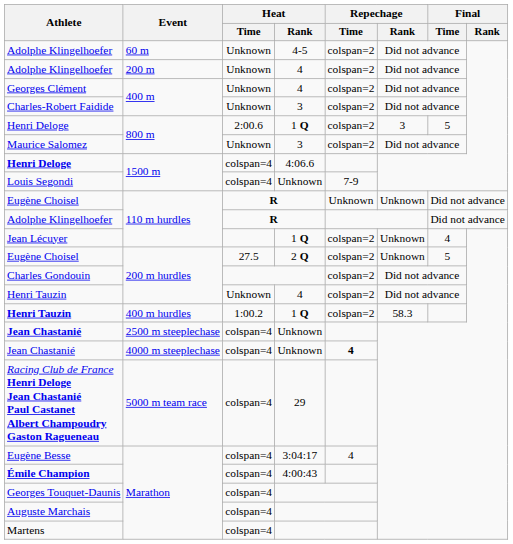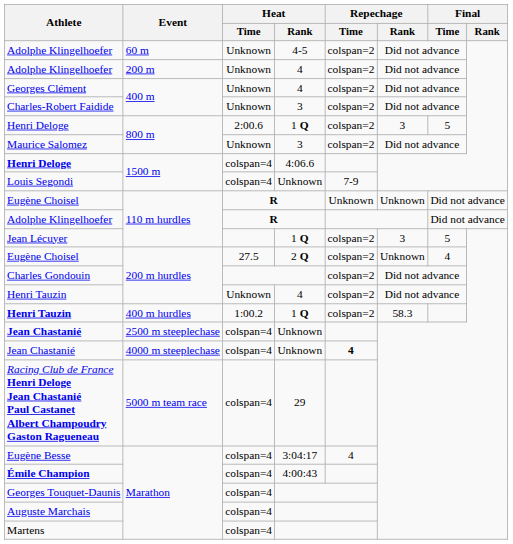 <table class=wikitable style=font-size:90%;text-align:center>
 <tr>
 <th rowspan=2>Athlete</th>
 <th rowspan=2>Event</th>
 <th colspan=2>Heat</th>
 <th colspan=2>Repechage</th>
 <th colspan=2>Final</th>
 </tr>
 <tr style=font-size:95%>
 <th>Time</th>
 <th>Rank</th>
 <th>Time</th>
 <th>Rank</th>
 <th>Time</th>
 <th>Rank</th>
 </tr>
 <tr>
 <td align=left><a href='#'>Adolphe Klingelhoefer</a></td>
 <td align=left><a href='#'>60 m</a></td>
 <td>Unknown</td>
 <td>4-5</td>
 <td>colspan=2 </td>
 <td colspan=2>Did not advance</td>
 </tr>
 <tr>
 <td align=left><a href='#'>Adolphe Klingelhoefer</a></td>
 <td align=left><a href='#'>200 m</a></td>
 <td>Unknown</td>
 <td>4</td>
 <td>colspan=2 </td>
 <td colspan=2>Did not advance</td>
 </tr>
 <tr>
 <td align=left><a href='#'>Georges Clément</a></td>
 <td align=left rowspan=2><a href='#'>400 m</a></td>
 <td>Unknown</td>
 <td>4</td>
 <td>colspan=2 </td>
 <td colspan=2>Did not advance</td>
 </tr>
 <tr>
 <td align=left><a href='#'>Charles-Robert Faidide</a></td>
 <td>Unknown</td>
 <td>3</td>
 <td>colspan=2 </td>
 <td colspan=2>Did not advance</td>
 </tr>
 <tr>
 <td align=left><a href='#'>Henri Deloge</a></td>
 <td align=left rowspan=2><a href='#'>800 m</a></td>
 <td>2:00.6</td>
 <td>1 <strong>Q</strong></td>
 <td>colspan=2 </td>
 <td>3</td>
 <td>5</td>
 </tr>
 <tr>
 <td align=left><a href='#'>Maurice Salomez</a></td>
 <td>Unknown</td>
 <td>3</td>
 <td>colspan=2 </td>
 <td colspan=2>Did not advance</td>
 </tr>
 <tr>
 <td align=left><strong><a href='#'>Henri Deloge</a></strong></td>
 <td align=left rowspan=2><a href='#'>1500 m</a></td>
 <td>colspan=4 </td>
 <td>4:06.6</td>
 <td></td>
 </tr>
 <tr>
 <td align=left><a href='#'>Louis Segondi</a></td>
 <td>colspan=4 </td>
 <td>Unknown</td>
 <td>7-9</td>
 </tr>
 <tr>
 <td align=left><a href='#'>Eugène Choisel</a></td>
 <td align=left rowspan=3><a href='#'>110 m hurdles</a></td>
 <td colspan=2> <strong>R</strong></td>
 <td>Unknown</td>
 <td>Unknown</td>
 <td colspan=2>Did not advance</td>
 </tr>
 <tr>
 <td align=left><a href='#'>Adolphe Klingelhoefer</a></td>
 <td colspan=2> <strong>R</strong></td>
 <td colspan=2></td>
 <td colspan=2>Did not advance</td>
 </tr>
 <tr>
 <td align=left><a href='#'>Jean Lécuyer</a></td>
 <td></td>
 <td>1 <strong>Q</strong></td>
 <td>colspan=2 </td>
-<td>Unknown</td>
-<td>4</td>
+<td>3</td>
+<td>5</td>
 </tr>
 <tr>
 <td align=left><a href='#'>Eugène Choisel</a></td>
 <td align=left rowspan=3><a href='#'>200 m hurdles</a></td>
 <td>27.5</td>
 <td>2 <strong>Q</strong></td>
 <td>colspan=2 </td>
 <td>Unknown</td>
-<td>5</td>
+<td>4</td>
 </tr>
 <tr>
 <td align=left><a href='#'>Charles Gondouin</a></td>
 <td colspan=2></td>
 <td>colspan=2 </td>
 <td colspan=2>Did not advance</td>
 </tr>
 <tr>
 <td align=left><a href='#'>Henri Tauzin</a></td>
 <td>Unknown</td>
 <td>4</td>
 <td>colspan=2 </td>
 <td colspan=2>Did not advance</td>
 </tr>
 <tr>
 <td align=left><strong><a href='#'>Henri Tauzin</a></strong></td>
 <td align=left><a href='#'>400 m hurdles</a></td>
 <td>1:00.2</td>
 <td>1 <strong>Q</strong></td>
 <td>colspan=2 </td>
 <td>58.3</td>
 <td></td>
 </tr>
 <tr>
 <td align=left><strong><a href='#'>Jean Chastanié</a></strong></td>
 <td align=left><a href='#'>2500 m steeplechase</a></td>
 <td>colspan=4 </td>
 <td>Unknown</td>
 <td></td>
 </tr>
 <tr>
 <td align=left><a href='#'>Jean Chastanié</a></td>
 <td align=left><a href='#'>4000 m steeplechase</a></td>
 <td>colspan=4 </td>
 <td>Unknown</td>
 <td><strong>4</strong></td>
 </tr>
 <tr>
 <td align=left><em><a href='#'>Racing Club de France</a></em><br><strong><a href='#'>Henri Deloge</a><br><a href='#'>Jean Chastanié</a><br><a href='#'>Paul Castanet</a><br><a href='#'>Albert Champoudry</a><br><a href='#'>Gaston Ragueneau</a></strong></td>
 <td align=left><a href='#'>5000 m team race</a></td>
 <td>colspan=4 </td>
 <td>29</td>
 <td></td>
 </tr>
 <tr>
 <td align=left><a href='#'>Eugène Besse</a></td>
 <td align=left rowspan=5><a href='#'>Marathon</a></td>
 <td>colspan=4 </td>
 <td>3:04:17</td>
 <td>4</td>
 </tr>
 <tr>
 <td align=left><strong><a href='#'>Émile Champion</a></strong></td>
 <td>colspan=4 </td>
 <td>4:00:43</td>
 <td></td>
 </tr>
 <tr>
 <td align=left><a href='#'>Georges Touquet-Daunis</a></td>
 <td>colspan=4 </td>
 <td colspan=2></td>
 </tr>
 <tr>
 <td align=left><a href='#'>Auguste Marchais</a></td>
 <td>colspan=4 </td>
 <td colspan=2></td>
 </tr>
 <tr>
 <td align=left>Martens</td>
 <td>colspan=4 </td>
 <td colspan=2></td>
 </tr>
 </table>
